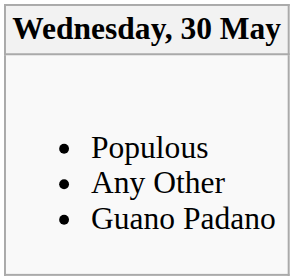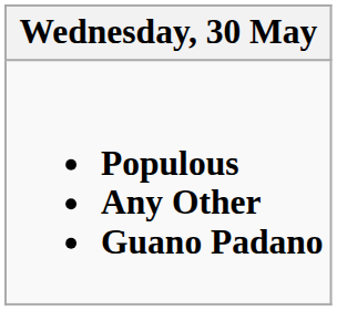 <table class="wikitable">
 <tr>
 <th>Wednesday, 30 May</th>
 </tr>
 <tr valign="top">
-<td><br><ul><li>Populous</li><li>Any Other</li><li>Guano Padano</li></ul></td>
+<td><strong><br><ul><li>Populous</li><li>Any Other</li><li>Guano Padano</li></ul></strong></td>
 </tr>
 </table>
